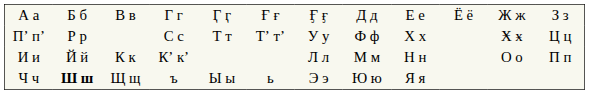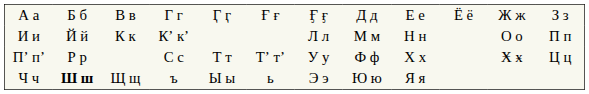 <table style="font-family:Arial Unicode MS; font-size:1.4em; border-color:#000000; border-width:1px; border-style:solid; border-collapse:collapse; background-color:#F8F8EF">
 <tr>
 <td style="width:3em; text-align:center; padding: 3px;">А а</td>
 <td style="width:3em; text-align:center; padding: 3px;">Б б</td>
 <td style="width:3em; text-align:center; padding: 3px;">В в</td>
 <td style="width:3em; text-align:center; padding: 3px;">Г г</td>
 <td style="width:3em; text-align:center; padding: 3px;">Ӷ ӷ</td>
 <td style="width:3em; text-align:center; padding: 3px;">Ғ ғ</td>
 <td style="width:3em; text-align:center; padding: 3px;">Ӻ ӻ</td>
 <td style="width:3em; text-align:center; padding: 3px;">Д д</td>
 <td style="width:3em; text-align:center; padding: 3px;">Е е</td>
 <td style="width:3em; text-align:center; padding: 3px;">Ё ё</td>
 <td style="width:3em; text-align:center; padding: 3px;">Ж ж</td>
 <td style="width:3em; text-align:center; padding: 3px;">З з</td>
 </tr>
 <tr>
+<td style="width:3em; text-align:center; padding: 3px;">И и</td>
+<td style="width:3em; text-align:center; padding: 3px;">Й й</td>
+<td style="width:3em; text-align:center; padding: 3px;">К к</td>
+<td style="width:3em; text-align:center; padding: 3px;">Кʼ кʼ</td>
+<td style="width:3em; text-align:center; padding: 3px;"></td>
+<td style="width:3em; text-align:center; padding: 3px;"></td>
+<td style="width:3em; text-align:center; padding: 3px;">Л л</td>
+<td style="width:3em; text-align:center; padding: 3px;">М м</td>
+<td style="width:3em; text-align:center; padding: 3px;">Н н</td>
+<td style="width:3em; text-align:center; padding: 3px;"></td>
+<td style="width:3em; text-align:center; padding: 3px;">О о</td>
+<td style="width:3em; text-align:center; padding: 3px;">П п</td>
+</tr>
+<tr>
 <td style="width:3em; text-align:center; padding: 3px;">Пʼ пʼ</td>
 <td style="width:3em; text-align:center; padding: 3px;">Р р</td>
 <td style="width:3em; text-align:center; padding: 3px;"></td>
 <td style="width:3em; text-align:center; padding: 3px;">С с</td>
 <td style="width:3em; text-align:center; padding: 3px;">Т т</td>
 <td style="width:3em; text-align:center; padding: 3px;">Тʼ тʼ</td>
 <td style="width:3em; text-align:center; padding: 3px;">У у</td>
 <td style="width:3em; text-align:center; padding: 3px;">Ф ф</td>
 <td style="width:3em; text-align:center; padding: 3px;">Х х</td>
 <td style="width:3em; text-align:center; padding: 3px;"></td>
 <td style="width:3em; text-align:center; padding: 3px;">Ӿ ӿ</td>
 <td style="width:3em; text-align:center; padding: 3px;">Ц ц</td>
 </tr>
 <tr>
-<td style="width:3em; text-align:center; padding: 3px;">И и</td>
-<td style="width:3em; text-align:center; padding: 3px;">Й й</td>
-<td style="width:3em; text-align:center; padding: 3px;">К к</td>
-<td style="width:3em; text-align:center; padding: 3px;">Кʼ кʼ</td>
-<td style="width:3em; text-align:center; padding: 3px;"></td>
-<td style="width:3em; text-align:center; padding: 3px;"></td>
-<td style="width:3em; text-align:center; padding: 3px;">Л л</td>
-<td style="width:3em; text-align:center; padding: 3px;">М м</td>
-<td style="width:3em; text-align:center; padding: 3px;">Н н</td>
-<td style="width:3em; text-align:center; padding: 3px;"></td>
-<td style="width:3em; text-align:center; padding: 3px;">О о</td>
-<td style="width:3em; text-align:center; padding: 3px;">П п</td>
-</tr>
-<tr>
 <td style="width:3em; text-align:center; padding: 3px;">Ч ч</td>
 <td style="width:3em; text-align:center; padding: 3px;"><strong>Ш ш</strong></td>
 <td style="width:3em; text-align:center; padding: 3px;">Щ щ</td>
 <td style="width:3em; text-align:center; padding: 3px;">ъ</td>
 <td style="width:3em; text-align:center; padding: 3px;">Ы ы</td>
 <td style="width:3em; text-align:center; padding: 3px;">ь</td>
 <td style="width:3em; text-align:center; padding: 3px;">Э э</td>
 <td style="width:3em; text-align:center; padding: 3px;">Ю ю</td>
 <td style="width:3em; text-align:center; padding: 3px;">Я я</td>
 </tr>
 </table>
